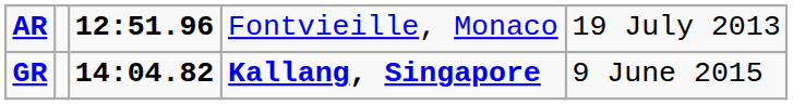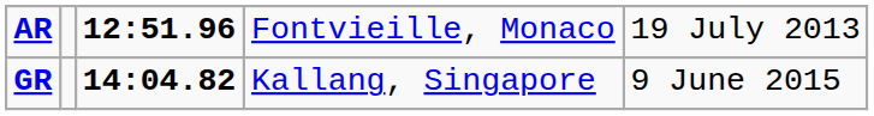 <table class="wikitable" style="font-size:95%; position:relative;">
 <tr>
 <td align=center><strong><a href='#'>AR</a></strong></td>
 <td></td>
 <td><strong>12:51.96</strong></td>
 <td><a href='#'>Fontvieille</a>, <a href='#'>Monaco</a></td>
 <td>19 July 2013</td>
 </tr>
 <tr>
 <td align=center><strong><a href='#'>GR</a></strong></td>
 <td></td>
 <td><strong>14:04.82</strong></td>
-<td><strong><a href='#'>Kallang</a>, <a href='#'>Singapore</a></strong></td>
+<td><a href='#'>Kallang</a>, <a href='#'>Singapore</a></td>
 <td>9 June 2015</td>
 </tr>
 </table>
